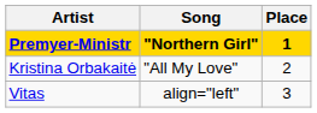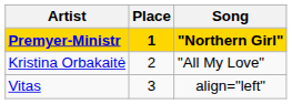 <table class="sortable wikitable" style="margin: 1em auto 1em auto; text-align:center">
 <tr>
 <th>Artist</th>
+<th>Place</th>
 <th>Song</th>
-<th>Place</th>
 </tr>
 <tr style="font-weight:bold; background:gold;">
 <td align="left"><a href='#'>Premyer-Ministr</a></td>
+<td>1</td>
 <td align="left">"Northern Girl"</td>
-<td>1</td>
 </tr>
 <tr>
 <td align="left"><a href='#'>Kristina Orbakaitė</a></td>
+<td>2</td>
 <td align="left">"All My Love"</td>
-<td>2</td>
 </tr>
 <tr>
 <td align="left"><a href='#'>Vitas</a></td>
+<td>3</td>
 <td>align="left" </td>
-<td>3</td>
 </tr>
 </table>
